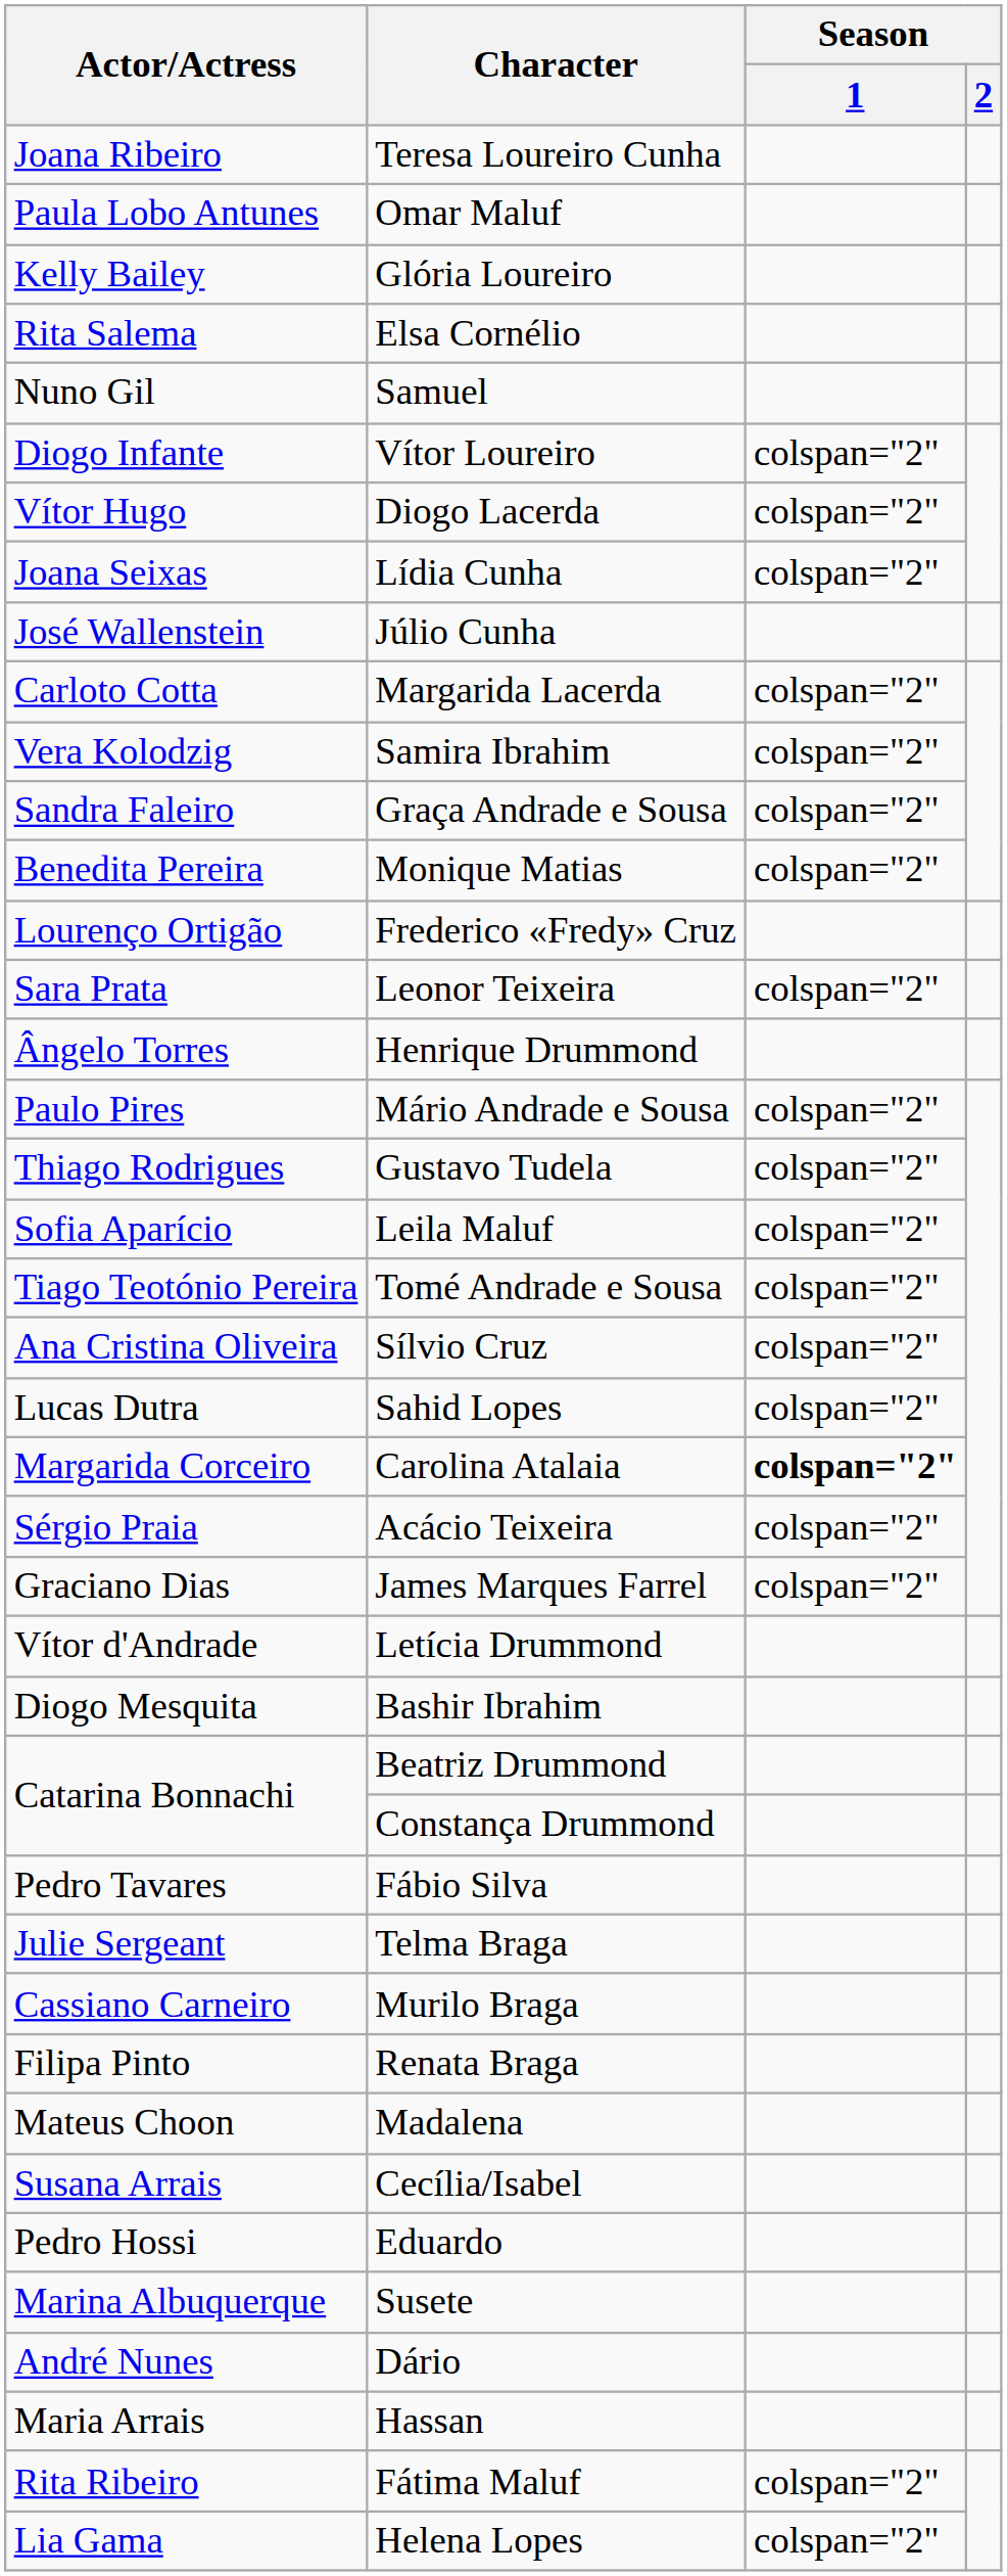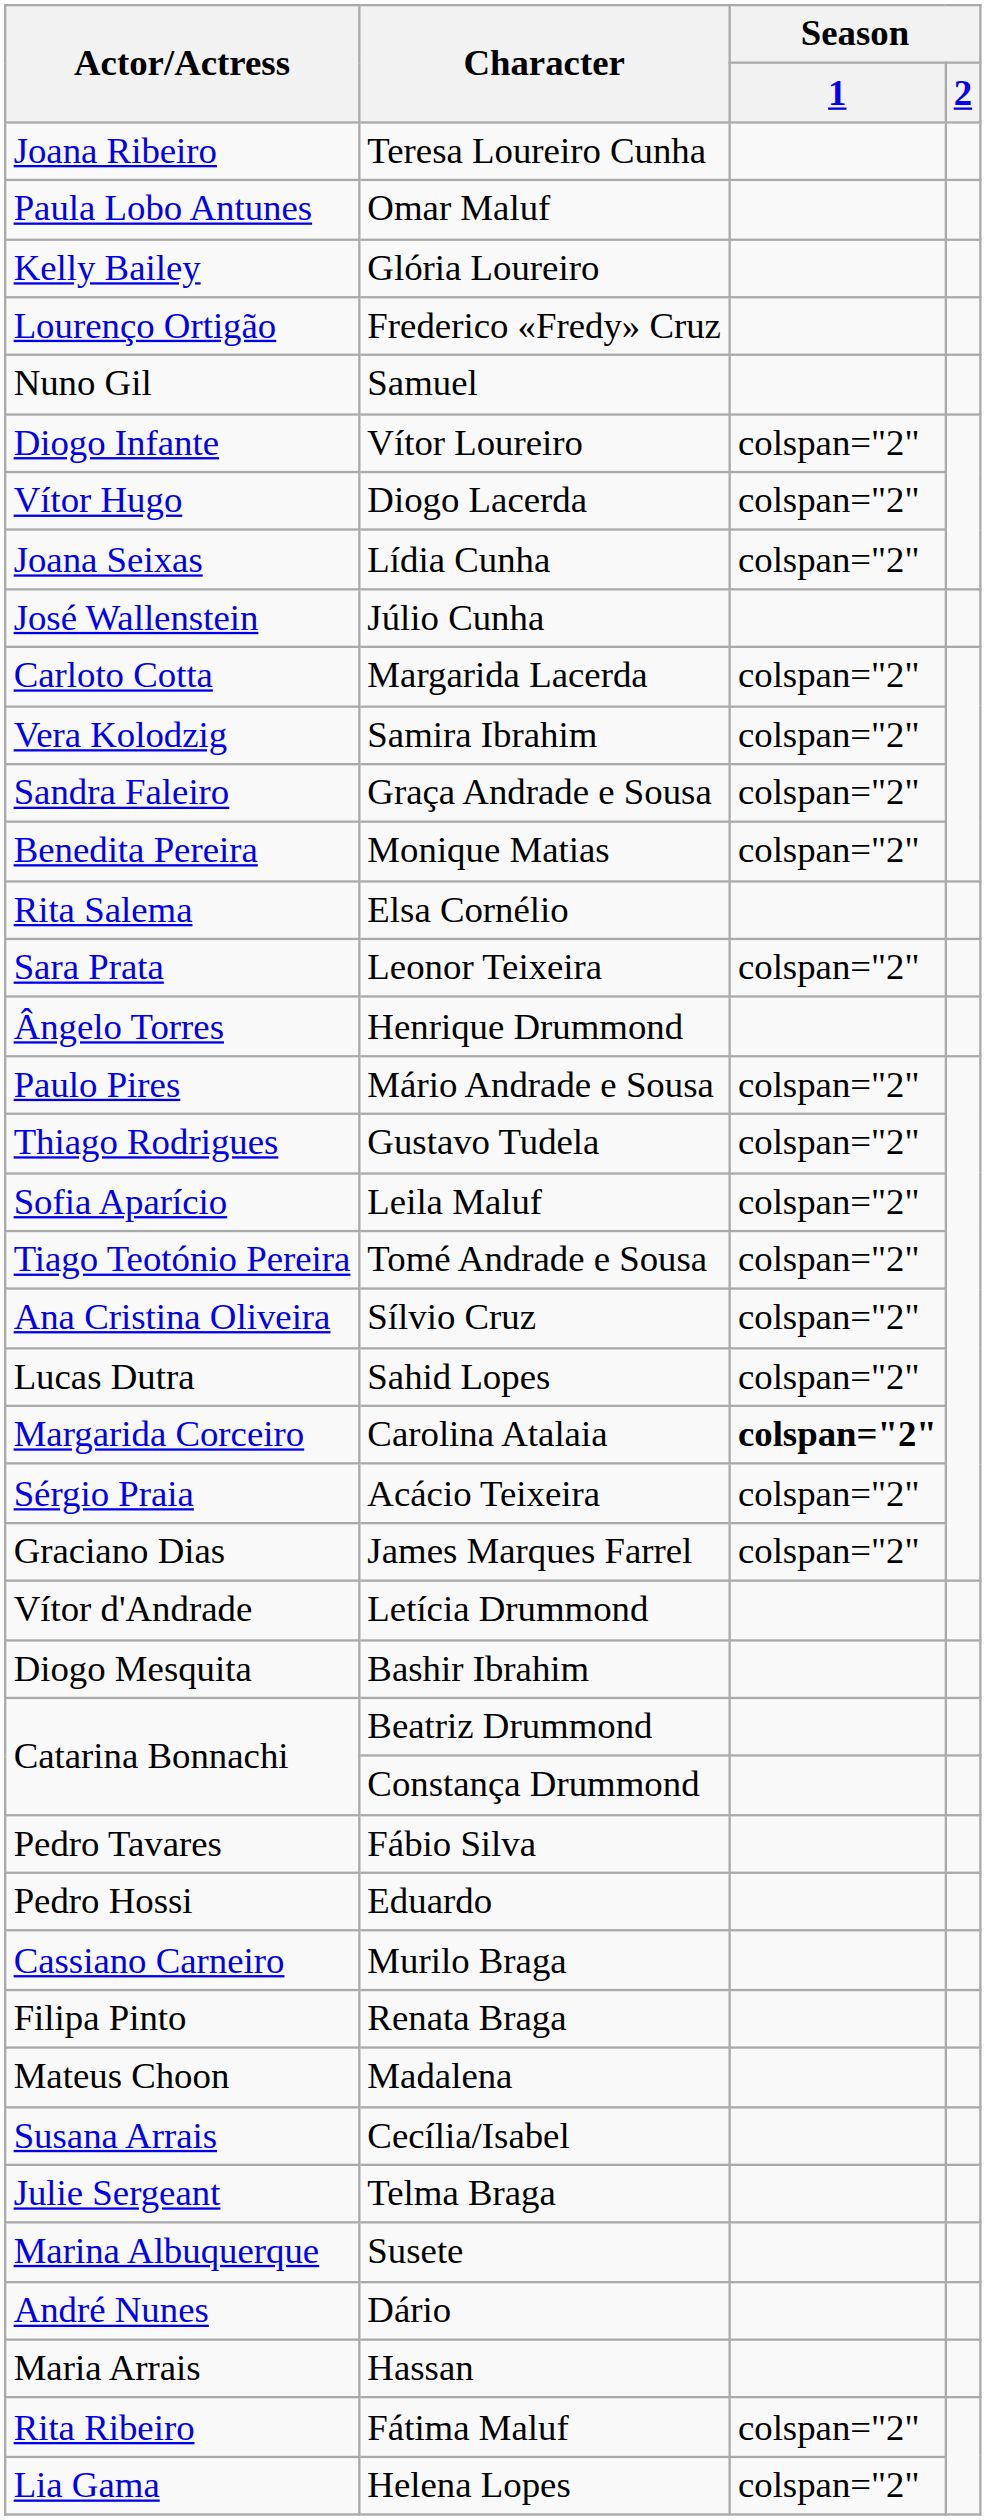 <table class="wikitable sortable">
 <tr>
 <th rowspan="2">Actor/Actress</th>
 <th rowspan="2">Character</th>
 <th colspan="2">Season</th>
 </tr>
 <tr>
 <th><a href='#'>1</a></th>
 <th><a href='#'>2</a></th>
 </tr>
 <tr>
 <td><a href='#'>Joana Ribeiro</a></td>
 <td>Teresa Loureiro Cunha</td>
 <td></td>
 <td></td>
 </tr>
 <tr>
 <td><a href='#'>Paula Lobo Antunes</a></td>
 <td>Omar Maluf</td>
 <td></td>
 <td></td>
 </tr>
 <tr>
 <td><a href='#'>Kelly Bailey</a></td>
 <td>Glória Loureiro</td>
 <td></td>
 <td></td>
 </tr>
 <tr>
-<td><a href='#'>Rita Salema</a></td>
-<td>Elsa Cornélio</td>
+<td><a href='#'>Lourenço Ortigão</a></td>
+<td>Frederico «Fredy» Cruz</td>
 <td></td>
 <td></td>
 </tr>
 <tr>
 <td>Nuno Gil</td>
 <td>Samuel</td>
 <td></td>
 <td></td>
 </tr>
 <tr>
 <td><a href='#'>Diogo Infante</a></td>
 <td>Vítor Loureiro</td>
 <td>colspan="2" </td>
 </tr>
 <tr>
 <td><a href='#'>Vítor Hugo</a></td>
 <td>Diogo Lacerda</td>
 <td>colspan="2" </td>
 </tr>
 <tr>
 <td><a href='#'>Joana Seixas</a></td>
 <td>Lídia Cunha</td>
 <td>colspan="2" </td>
 </tr>
 <tr>
 <td><a href='#'>José Wallenstein</a></td>
 <td>Júlio Cunha</td>
 <td></td>
 <td></td>
 </tr>
 <tr>
 <td><a href='#'>Carloto Cotta</a></td>
 <td>Margarida Lacerda</td>
 <td>colspan="2" </td>
 </tr>
 <tr>
 <td><a href='#'>Vera Kolodzig</a></td>
 <td>Samira Ibrahim</td>
 <td>colspan="2" </td>
 </tr>
 <tr>
 <td><a href='#'>Sandra Faleiro</a></td>
 <td>Graça Andrade e Sousa</td>
 <td>colspan="2" </td>
 </tr>
 <tr>
 <td><a href='#'>Benedita Pereira</a></td>
 <td>Monique Matias</td>
 <td>colspan="2" </td>
 </tr>
 <tr>
-<td><a href='#'>Lourenço Ortigão</a></td>
-<td>Frederico «Fredy» Cruz</td>
+<td><a href='#'>Rita Salema</a></td>
+<td>Elsa Cornélio</td>
 <td></td>
 <td></td>
 </tr>
 <tr>
 <td><a href='#'>Sara Prata</a></td>
 <td>Leonor Teixeira</td>
 <td>colspan="2" </td>
 </tr>
 <tr>
 <td><a href='#'>Ângelo Torres</a></td>
 <td>Henrique Drummond</td>
 <td></td>
 <td></td>
 </tr>
 <tr>
 <td><a href='#'>Paulo Pires</a></td>
 <td>Mário Andrade e Sousa</td>
 <td>colspan="2" </td>
 </tr>
 <tr>
 <td><a href='#'>Thiago Rodrigues</a></td>
 <td>Gustavo Tudela</td>
 <td>colspan="2" </td>
 </tr>
 <tr>
 <td><a href='#'>Sofia Aparício</a></td>
 <td>Leila Maluf</td>
 <td>colspan="2" </td>
 </tr>
 <tr>
 <td><a href='#'>Tiago Teotónio Pereira</a></td>
 <td>Tomé Andrade e Sousa</td>
 <td>colspan="2" </td>
 </tr>
 <tr>
 <td><a href='#'>Ana Cristina Oliveira</a></td>
 <td>Sílvio Cruz</td>
 <td>colspan="2" </td>
 </tr>
 <tr>
 <td>Lucas Dutra</td>
 <td>Sahid Lopes</td>
 <td>colspan="2" </td>
 </tr>
 <tr>
 <td><a href='#'>Margarida Corceiro</a></td>
 <td>Carolina Atalaia</td>
 <td><strong>colspan="2" </strong></td>
 </tr>
 <tr>
 <td><a href='#'>Sérgio Praia</a></td>
 <td>Acácio Teixeira</td>
 <td>colspan="2" </td>
 </tr>
 <tr>
 <td>Graciano Dias</td>
 <td>James Marques Farrel</td>
 <td>colspan="2" </td>
 </tr>
 <tr>
 <td>Vítor d'Andrade</td>
 <td>Letícia Drummond</td>
 <td></td>
 <td></td>
 </tr>
 <tr>
 <td>Diogo Mesquita</td>
 <td>Bashir Ibrahim</td>
 <td></td>
 <td></td>
 </tr>
 <tr>
 <td rowspan="2">Catarina Bonnachi</td>
 <td>Beatriz Drummond</td>
 <td></td>
 <td></td>
 </tr>
 <tr>
 <td>Constança Drummond</td>
 <td></td>
 <td></td>
 </tr>
 <tr>
 <td>Pedro Tavares</td>
 <td>Fábio Silva</td>
 <td></td>
 <td></td>
 </tr>
 <tr>
-<td><a href='#'>Julie Sergeant</a></td>
-<td>Telma Braga</td>
+<td>Pedro Hossi</td>
+<td>Eduardo</td>
 <td></td>
 <td></td>
 </tr>
 <tr>
 <td><a href='#'>Cassiano Carneiro</a></td>
 <td>Murilo Braga</td>
 <td></td>
 <td></td>
 </tr>
 <tr>
 <td>Filipa Pinto</td>
 <td>Renata Braga</td>
 <td></td>
 <td></td>
 </tr>
 <tr>
 <td>Mateus Choon</td>
 <td>Madalena</td>
 <td></td>
 <td></td>
 </tr>
 <tr>
 <td><a href='#'>Susana Arrais</a></td>
 <td>Cecília/Isabel</td>
 <td></td>
 <td></td>
 </tr>
 <tr>
-<td>Pedro Hossi</td>
-<td>Eduardo</td>
+<td><a href='#'>Julie Sergeant</a></td>
+<td>Telma Braga</td>
 <td></td>
 <td></td>
 </tr>
 <tr>
 <td><a href='#'>Marina Albuquerque</a></td>
 <td>Susete</td>
 <td></td>
 <td></td>
 </tr>
 <tr>
 <td><a href='#'>André Nunes</a></td>
 <td>Dário</td>
 <td></td>
 <td></td>
 </tr>
 <tr>
 <td>Maria Arrais</td>
 <td>Hassan</td>
 <td></td>
 <td></td>
 </tr>
 <tr>
 <td><a href='#'>Rita Ribeiro</a></td>
 <td>Fátima Maluf</td>
 <td>colspan="2" </td>
 </tr>
 <tr>
 <td><a href='#'>Lia Gama</a></td>
 <td>Helena Lopes</td>
 <td>colspan="2" </td>
 </tr>
 </table>
